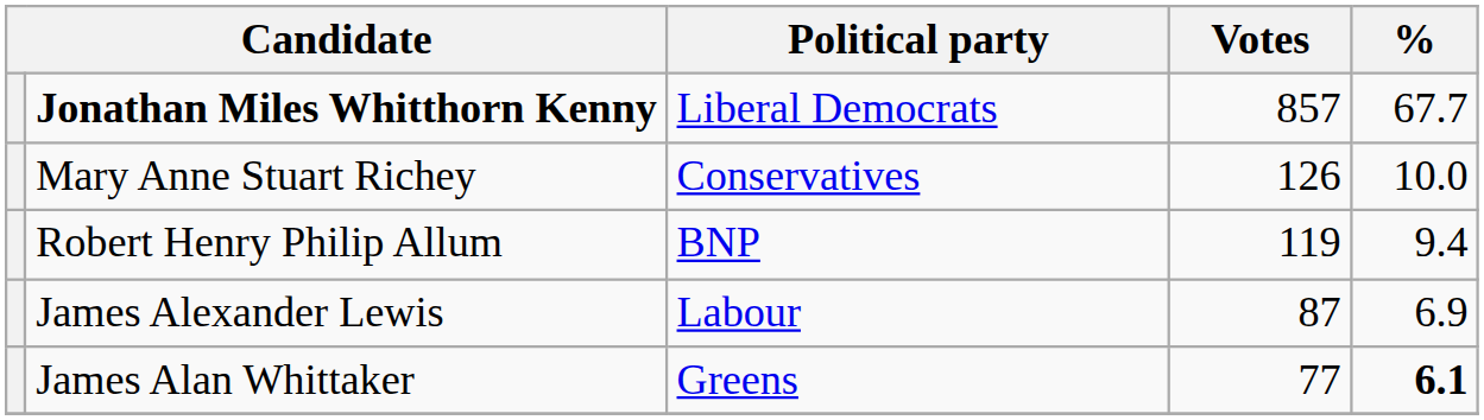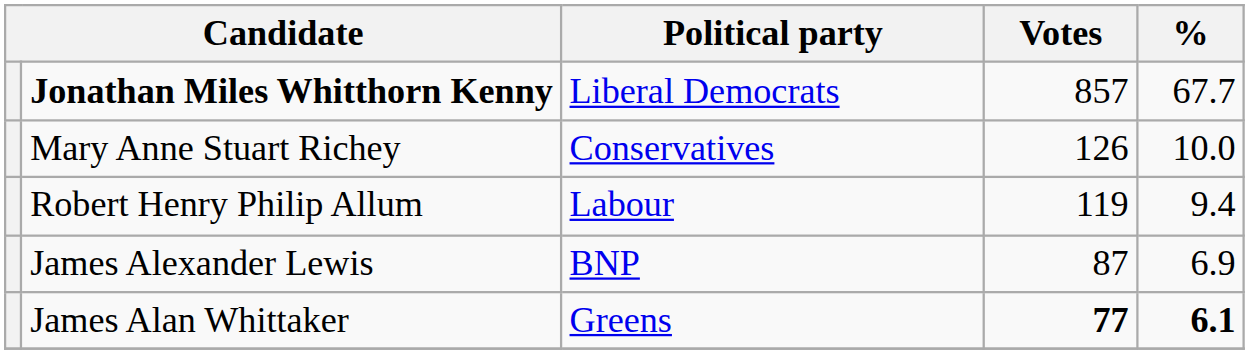 <table class="wikitable">
 <tr>
 <th valign=top colspan="2" style="width: 180px">Candidate</th>
 <th valign=top style="width: 180px">Political party</th>
 <th valign=top style="width: 60px">Votes</th>
 <th valign=top style="width: 40px">%</th>
 </tr>
 <tr>
 <th style="background-color: "></th>
 <td><strong>Jonathan Miles Whitthorn Kenny</strong></td>
 <td><a href='#'>Liberal Democrats</a></td>
 <td align="right">857</td>
 <td align="right">67.7</td>
 </tr>
 <tr>
 <th style="background-color: "></th>
 <td>Mary Anne Stuart Richey</td>
 <td><a href='#'>Conservatives</a></td>
 <td align="right">126</td>
 <td align="right">10.0</td>
 </tr>
 <tr>
 <th style="background-color: "></th>
 <td>Robert Henry Philip Allum</td>
-<td><a href='#'>BNP</a></td>
+<td><a href='#'>Labour</a></td>
 <td align="right">119</td>
 <td align="right">9.4</td>
 </tr>
 <tr>
 <th style="background-color: "></th>
 <td>James Alexander Lewis</td>
-<td><a href='#'>Labour</a></td>
+<td><a href='#'>BNP</a></td>
 <td align="right">87</td>
 <td align="right">6.9</td>
 </tr>
 <tr>
 <th style="background-color: "></th>
 <td>James Alan Whittaker</td>
 <td><a href='#'>Greens</a></td>
-<td align="right">77</td>
+<td align="right"><strong>77</strong></td>
 <td align="right"><strong>6.1</strong></td>
 </tr>
 <tr>
 </tr>
 </table>
